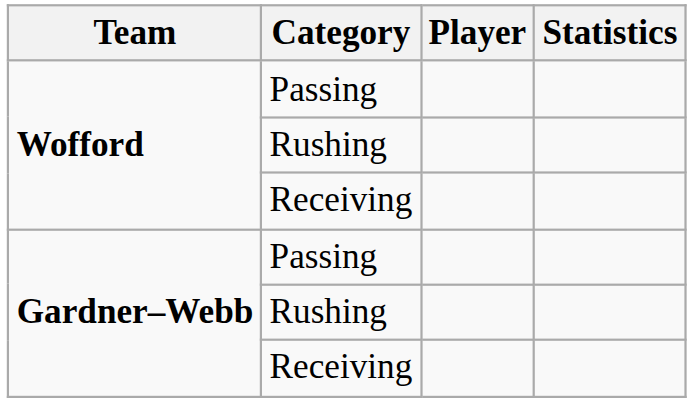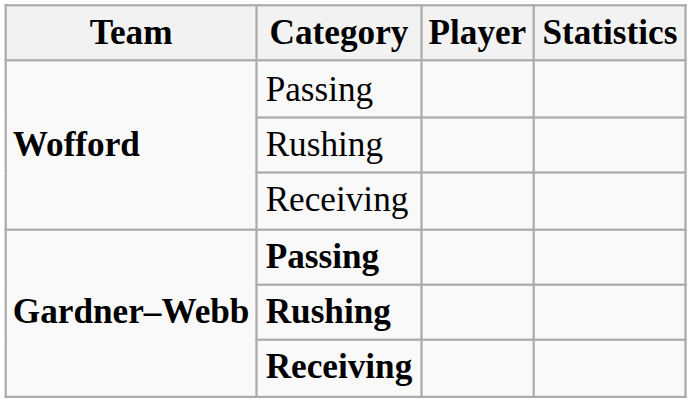 <table class="wikitable" style="float: right;">
 <tr>
 <th>Team</th>
 <th>Category</th>
 <th>Player</th>
 <th>Statistics</th>
 </tr>
 <tr>
 <td rowspan=3><strong>Wofford</strong></td>
 <td>Passing</td>
 <td></td>
 <td></td>
 </tr>
 <tr>
 <td>Rushing</td>
 <td></td>
 <td></td>
 </tr>
 <tr>
 <td>Receiving</td>
 <td></td>
 <td></td>
 </tr>
 <tr>
 <td rowspan=3><strong>Gardner–Webb</strong></td>
-<td>Passing</td>
+<td><strong>Passing</strong></td>
 <td></td>
 <td></td>
 </tr>
 <tr>
-<td>Rushing</td>
+<td><strong>Rushing</strong></td>
 <td></td>
 <td></td>
 </tr>
 <tr>
-<td>Receiving</td>
+<td><strong>Receiving</strong></td>
 <td></td>
 <td></td>
 </tr>
 </table>
